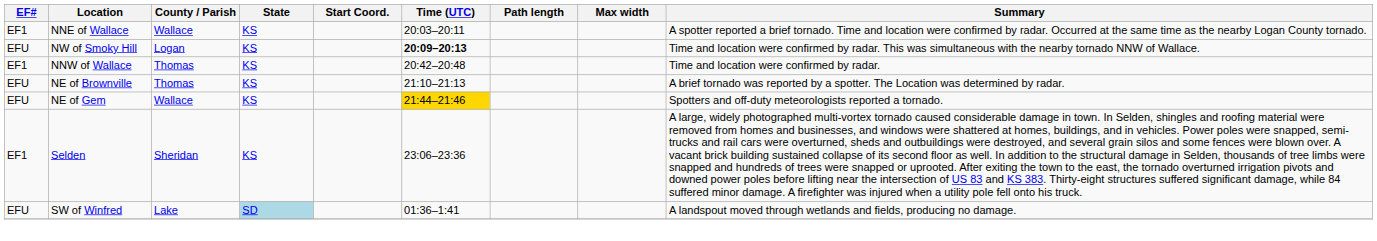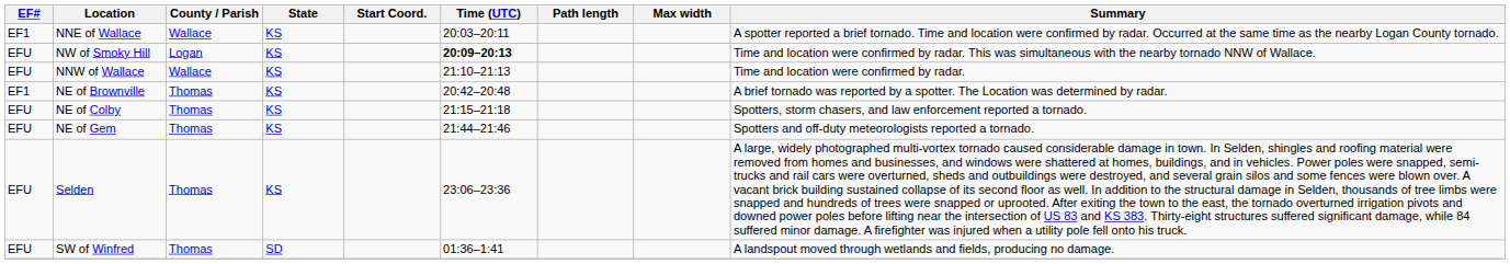 <table class="wikitable sortable" style="width:100%;">
 <tr>
 <th scope="col"  style="width:3%; text-align:center;"><a href='#'>EF#</a></th>
 <th scope="col"  style="width:7%; text-align:center;" class="unsortable">Location</th>
 <th scope="col"  style="width:6%; text-align:center;" class="unsortable">County / Parish</th>
 <th scope="col"  style="width:5%; text-align:center;">State</th>
 <th scope="col"  style="width:6%; text-align:center;">Start Coord.</th>
 <th scope="col"  style="width:6%; text-align:center;">Time (<a href='#'>UTC</a>)</th>
 <th scope="col"  style="width:6%; text-align:center;">Path length</th>
 <th scope="col"  style="width:6%; text-align:center;">Max width</th>
 <th scope="col" class="unsortable" style="width:48%; text-align:center;">Summary</th>
 </tr>
 <tr>
 <td>EF1</td>
 <td>NNE of <a href='#'>Wallace</a></td>
 <td><a href='#'>Wallace</a></td>
 <td><a href='#'>KS</a></td>
 <td></td>
 <td>20:03–20:11</td>
 <td></td>
 <td></td>
 <td>A spotter reported a brief tornado. Time and location were confirmed by radar. Occurred at the same time as the nearby Logan County tornado.</td>
 </tr>
 <tr>
 <td>EFU</td>
 <td>NW of <a href='#'>Smoky Hill</a></td>
 <td><a href='#'>Logan</a></td>
 <td><a href='#'>KS</a></td>
 <td></td>
 <td><strong>20:09–20:13</strong></td>
 <td></td>
 <td></td>
 <td>Time and location were confirmed by radar. This was simultaneous with the nearby tornado NNW of Wallace.</td>
 </tr>
 <tr>
+<td>EFU</td>
+<td>NNW of <a href='#'>Wallace</a></td>
+<td><a href='#'>Wallace</a></td>
+<td><a href='#'>KS</a></td>
+<td></td>
+<td>21:10–21:13</td>
+<td></td>
+<td></td>
+<td>Time and location were confirmed by radar.</td>
+</tr>
+<tr>
 <td>EF1</td>
-<td>NNW of <a href='#'>Wallace</a></td>
+<td>NE of <a href='#'>Brownville</a></td>
 <td><a href='#'>Thomas</a></td>
 <td><a href='#'>KS</a></td>
 <td></td>
 <td>20:42–20:48</td>
 <td></td>
 <td></td>
-<td>Time and location were confirmed by radar.</td>
-</tr>
-<tr>
-<td>EFU</td>
-<td>NE of <a href='#'>Brownville</a></td>
-<td><a href='#'>Thomas</a></td>
-<td><a href='#'>KS</a></td>
-<td></td>
-<td>21:10–21:13</td>
-<td></td>
-<td></td>
 <td>A brief tornado was reported by a spotter. The Location was determined by radar.</td>
 </tr>
 <tr>
 <td>EFU</td>
-<td>NE of <a href='#'>Gem</a></td>
-<td><a href='#'>Wallace</a></td>
+<td>NE of <a href='#'>Colby</a></td>
+<td><a href='#'>Thomas</a></td>
 <td><a href='#'>KS</a></td>
 <td></td>
-<td style="background: gold;">21:44–21:46</td>
+<td>21:15–21:18</td>
+<td></td>
+<td></td>
+<td>Spotters, storm chasers, and law enforcement reported a tornado.</td>
+</tr>
+<tr>
+<td>EFU</td>
+<td>NE of <a href='#'>Gem</a></td>
+<td><a href='#'>Thomas</a></td>
+<td><a href='#'>KS</a></td>
+<td></td>
+<td>21:44–21:46</td>
 <td></td>
 <td></td>
 <td>Spotters and off-duty meteorologists reported a tornado.</td>
 </tr>
 <tr>
-<td>EF1</td>
+<td>EFU</td>
 <td><a href='#'>Selden</a></td>
-<td><a href='#'>Sheridan</a></td>
+<td><a href='#'>Thomas</a></td>
 <td><a href='#'>KS</a></td>
 <td></td>
 <td>23:06–23:36</td>
 <td></td>
 <td></td>
 <td>A large, widely photographed multi-vortex tornado caused considerable damage in town. In Selden, shingles and roofing material were removed from homes and businesses, and windows were shattered at homes, buildings, and in vehicles. Power poles were snapped, semi-trucks and rail cars were overturned, sheds and outbuildings were destroyed, and several grain silos and some fences were blown over. A vacant brick building sustained collapse of its second floor as well. In addition to the structural damage in Selden, thousands of tree limbs were snapped and hundreds of trees were snapped or uprooted. After exiting the town to the east, the tornado overturned irrigation pivots and downed power poles before lifting near the intersection of <a href='#'>US 83</a> and <a href='#'>KS 383</a>. Thirty-eight structures suffered significant damage, while 84 suffered minor damage. A firefighter was injured when a utility pole fell onto his truck.</td>
 </tr>
 <tr>
 <td>EFU</td>
 <td>SW of <a href='#'>Winfred</a></td>
-<td><a href='#'>Lake</a></td>
-<td style="background: lightblue;"><a href='#'>SD</a></td>
+<td><a href='#'>Thomas</a></td>
+<td><a href='#'>SD</a></td>
 <td></td>
 <td>01:36–1:41</td>
 <td></td>
 <td></td>
 <td>A landspout moved through wetlands and fields, producing no damage.</td>
 </tr>
 <tr>
 </tr>
 </table>
